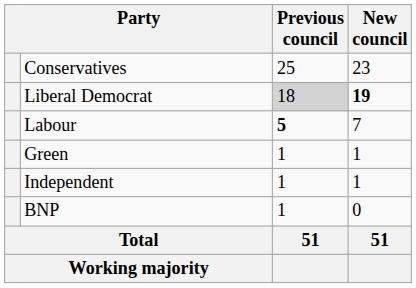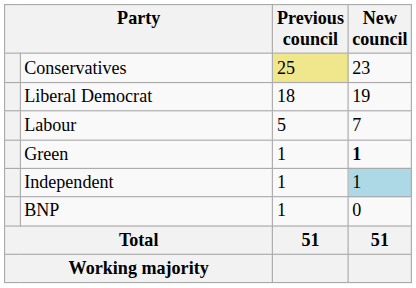 <table class="wikitable">
 <tr>
 <th valign=top colspan="2" style="width: 230px">Party</th>
 <th valign=top style="width: 30px">Previous council</th>
 <th valign=top style="width: 30px">New council</th>
 </tr>
 <tr>
 <th style="background-color: "></th>
 <td>Conservatives</td>
-<td>25</td>
+<td style="background: khaki;">25</td>
 <td>23</td>
 </tr>
 <tr>
 <th style="background-color: "></th>
 <td>Liberal Democrat</td>
-<td style="background: lightgrey;">18</td>
-<td><strong>19</strong></td>
+<td>18</td>
+<td>19</td>
 </tr>
 <tr>
 <th style="background-color: "></th>
 <td>Labour</td>
-<td><strong>5</strong></td>
+<td>5</td>
 <td>7</td>
 </tr>
 <tr>
 <th style="background-color: "></th>
 <td>Green</td>
 <td>1</td>
-<td>1</td>
+<td><strong>1</strong></td>
 </tr>
 <tr>
 <th style="background-color: "></th>
 <td>Independent</td>
 <td>1</td>
-<td>1</td>
+<td style="background: lightblue;">1</td>
 </tr>
 <tr>
 <th style="background-color: "></th>
 <td>BNP</td>
 <td>1</td>
 <td>0</td>
 </tr>
 <tr>
 <th colspan=2>Total</th>
 <th style="text-align: center">51</th>
 <th colspan=3>51</th>
 </tr>
 <tr>
 <th colspan=2>Working majority</th>
 <th></th>
 <th></th>
 </tr>
 </table>
